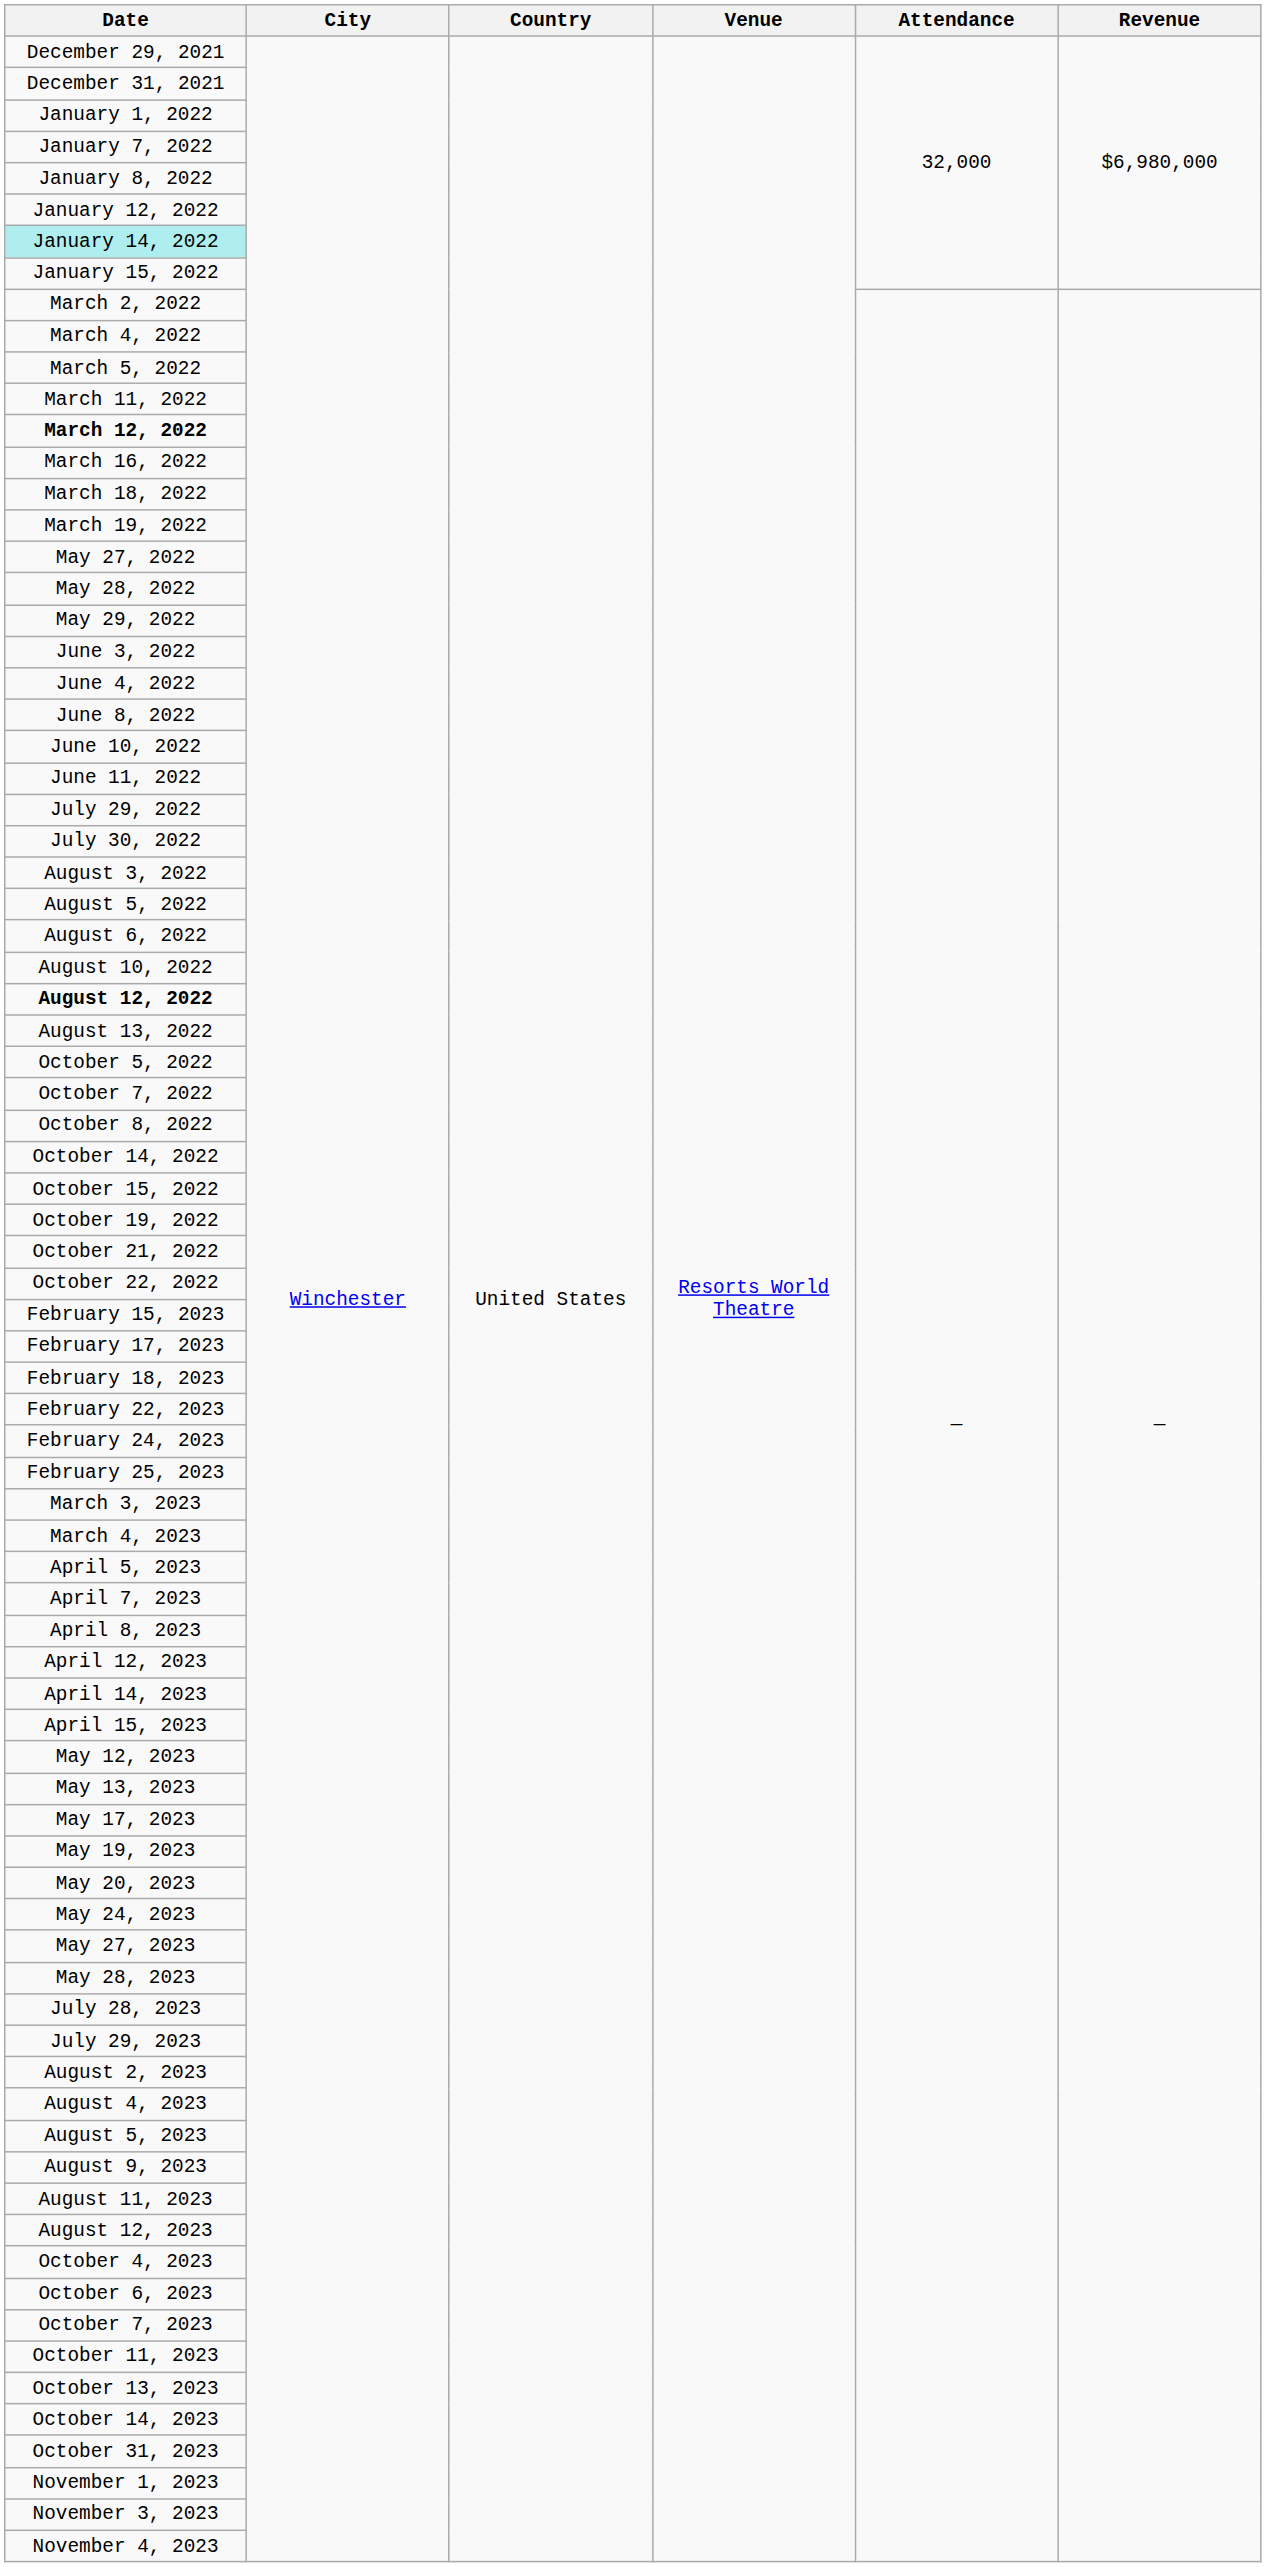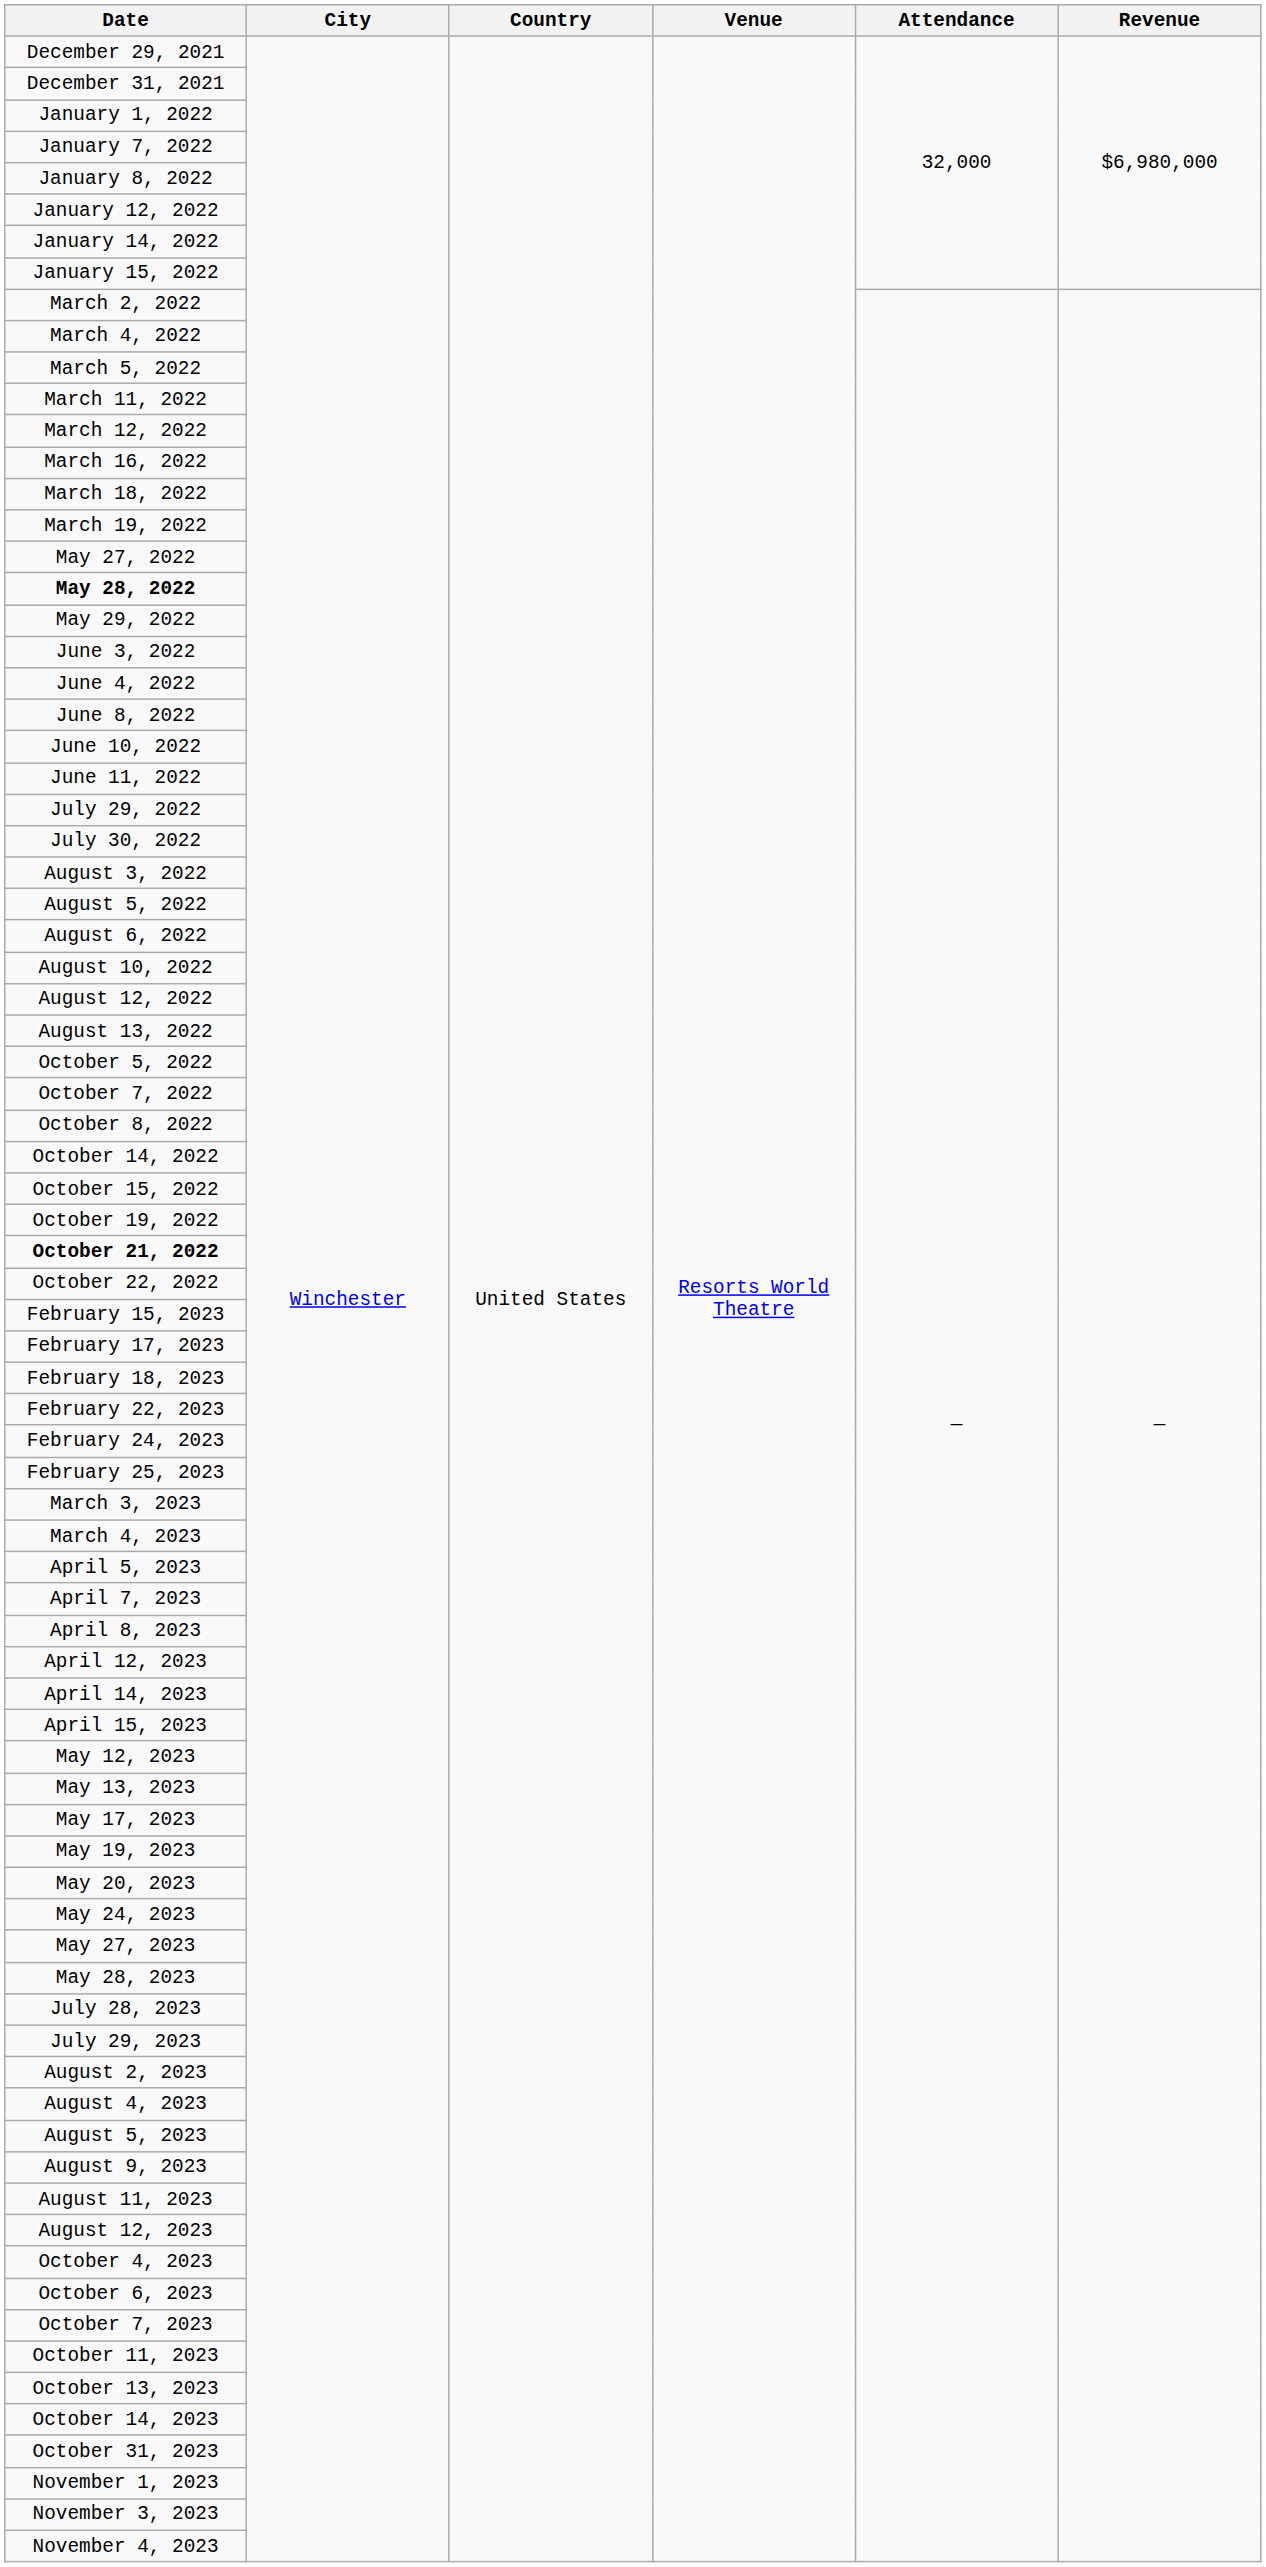 <table class="wikitable" style="text-align:center;">
 <tr>
 <th scope="col" style="width:12em;">Date</th>
 <th scope="col" style="width:10em;">City</th>
 <th scope="col" style="width:10em;">Country</th>
 <th scope="col" style="width:10em;">Venue</th>
 <th scope="col" style="width:10em;">Attendance</th>
 <th scope="col" style="width:10em;">Revenue</th>
 </tr>
 <tr>
 <td>December 29, 2021</td>
 <td rowspan="80"><a href='#'>Winchester</a></td>
 <td rowspan="80">United States</td>
 <td rowspan="80"><a href='#'>Resorts World Theatre</a></td>
 <td rowspan="8">32,000</td>
 <td rowspan="8">$6,980,000</td>
 </tr>
 <tr>
 <td>December 31, 2021</td>
 </tr>
 <tr>
 <td>January 1, 2022</td>
 </tr>
 <tr>
 <td>January 7, 2022</td>
 </tr>
 <tr>
 <td>January 8, 2022</td>
 </tr>
 <tr>
 <td>January 12, 2022</td>
 </tr>
 <tr>
-<td style="background: paleturquoise;">January 14, 2022</td>
+<td>January 14, 2022</td>
 </tr>
 <tr>
 <td>January 15, 2022</td>
 </tr>
 <tr>
 <td>March 2, 2022</td>
 <td rowspan="72">—</td>
 <td rowspan="72">—</td>
 </tr>
 <tr>
 <td>March 4, 2022</td>
 </tr>
 <tr>
 <td>March 5, 2022</td>
 </tr>
 <tr>
 <td>March 11, 2022</td>
 </tr>
 <tr>
-<td><strong>March 12, 2022</strong></td>
+<td>March 12, 2022</td>
 </tr>
 <tr>
 <td>March 16, 2022</td>
 </tr>
 <tr>
 <td>March 18, 2022</td>
 </tr>
 <tr>
 <td>March 19, 2022</td>
 </tr>
 <tr>
 <td>May 27, 2022</td>
 </tr>
 <tr>
-<td>May 28, 2022</td>
+<td><strong>May 28, 2022</strong></td>
 </tr>
 <tr>
 <td>May 29, 2022</td>
 </tr>
 <tr>
 <td>June 3, 2022</td>
 </tr>
 <tr>
 <td>June 4, 2022</td>
 </tr>
 <tr>
 <td>June 8, 2022</td>
 </tr>
 <tr>
 <td>June 10, 2022</td>
 </tr>
 <tr>
 <td>June 11, 2022</td>
 </tr>
 <tr>
 <td>July 29, 2022</td>
 </tr>
 <tr>
 <td>July 30, 2022</td>
 </tr>
 <tr>
 <td>August 3, 2022</td>
 </tr>
 <tr>
 <td>August 5, 2022</td>
 </tr>
 <tr>
 <td>August 6, 2022</td>
 </tr>
 <tr>
 <td>August 10, 2022</td>
 </tr>
 <tr>
-<td><strong>August 12, 2022</strong></td>
+<td>August 12, 2022</td>
 </tr>
 <tr>
 <td>August 13, 2022</td>
 </tr>
 <tr>
 <td>October 5, 2022</td>
 </tr>
 <tr>
 <td>October 7, 2022</td>
 </tr>
 <tr>
 <td>October 8, 2022</td>
 </tr>
 <tr>
 <td>October 14, 2022</td>
 </tr>
 <tr>
 <td>October 15, 2022</td>
 </tr>
 <tr>
 <td>October 19, 2022</td>
 </tr>
 <tr>
-<td>October 21, 2022</td>
+<td><strong>October 21, 2022</strong></td>
 </tr>
 <tr>
 <td>October 22, 2022</td>
 </tr>
 <tr>
 <td>February 15, 2023</td>
 </tr>
 <tr>
 <td>February 17, 2023</td>
 </tr>
 <tr>
 <td>February 18, 2023</td>
 </tr>
 <tr>
 <td>February 22, 2023</td>
 </tr>
 <tr>
 <td>February 24, 2023</td>
 </tr>
 <tr>
 <td>February 25, 2023</td>
 </tr>
 <tr>
 <td>March 3, 2023</td>
 </tr>
 <tr>
 <td>March 4, 2023</td>
 </tr>
 <tr>
 <td>April 5, 2023</td>
 </tr>
 <tr>
 <td>April 7, 2023</td>
 </tr>
 <tr>
 <td>April 8, 2023</td>
 </tr>
 <tr>
 <td>April 12, 2023</td>
 </tr>
 <tr>
 <td>April 14, 2023</td>
 </tr>
 <tr>
 <td>April 15, 2023</td>
 </tr>
 <tr>
 <td>May 12, 2023</td>
 </tr>
 <tr>
 <td>May 13, 2023</td>
 </tr>
 <tr>
 <td>May 17, 2023</td>
 </tr>
 <tr>
 <td>May 19, 2023</td>
 </tr>
 <tr>
 <td>May 20, 2023</td>
 </tr>
 <tr>
 <td>May 24, 2023</td>
 </tr>
 <tr>
 <td>May 27, 2023</td>
 </tr>
 <tr>
 <td>May 28, 2023</td>
 </tr>
 <tr>
 <td>July 28, 2023</td>
 </tr>
 <tr>
 <td>July 29, 2023</td>
 </tr>
 <tr>
 <td>August 2, 2023</td>
 </tr>
 <tr>
 <td>August 4, 2023</td>
 </tr>
 <tr>
 <td>August 5, 2023</td>
 </tr>
 <tr>
 <td>August 9, 2023</td>
 </tr>
 <tr>
 <td>August 11, 2023</td>
 </tr>
 <tr>
 <td>August 12, 2023</td>
 </tr>
 <tr>
 <td>October 4, 2023</td>
 </tr>
 <tr>
 <td>October 6, 2023</td>
 </tr>
 <tr>
 <td>October 7, 2023</td>
 </tr>
 <tr>
 <td>October 11, 2023</td>
 </tr>
 <tr>
 <td>October 13, 2023</td>
 </tr>
 <tr>
 <td>October 14, 2023</td>
 </tr>
 <tr>
 <td>October 31, 2023</td>
 </tr>
 <tr>
 <td>November 1, 2023</td>
 </tr>
 <tr>
 <td>November 3, 2023</td>
 </tr>
 <tr>
 <td>November 4, 2023</td>
 </tr>
 </table>
